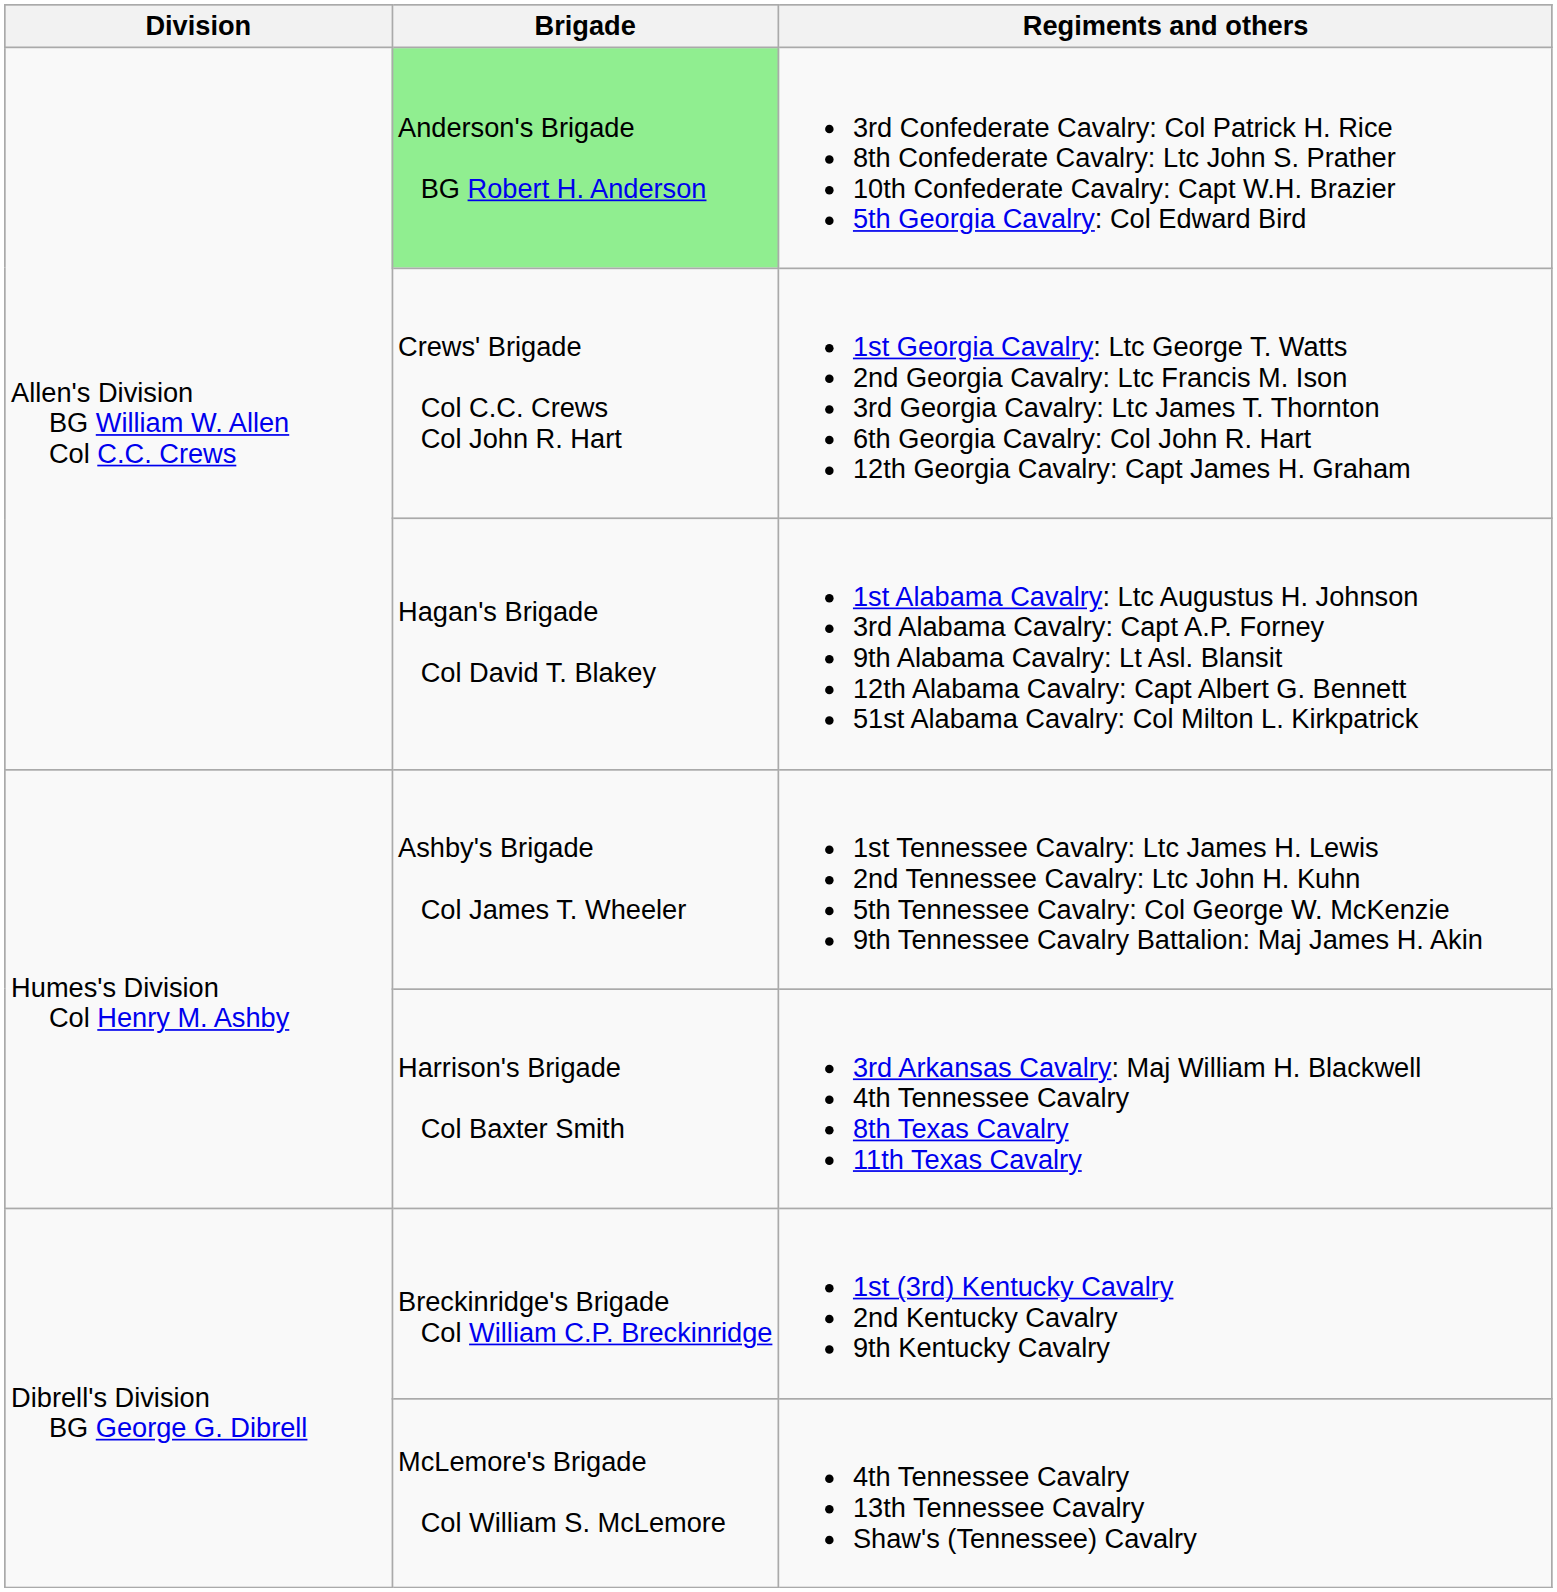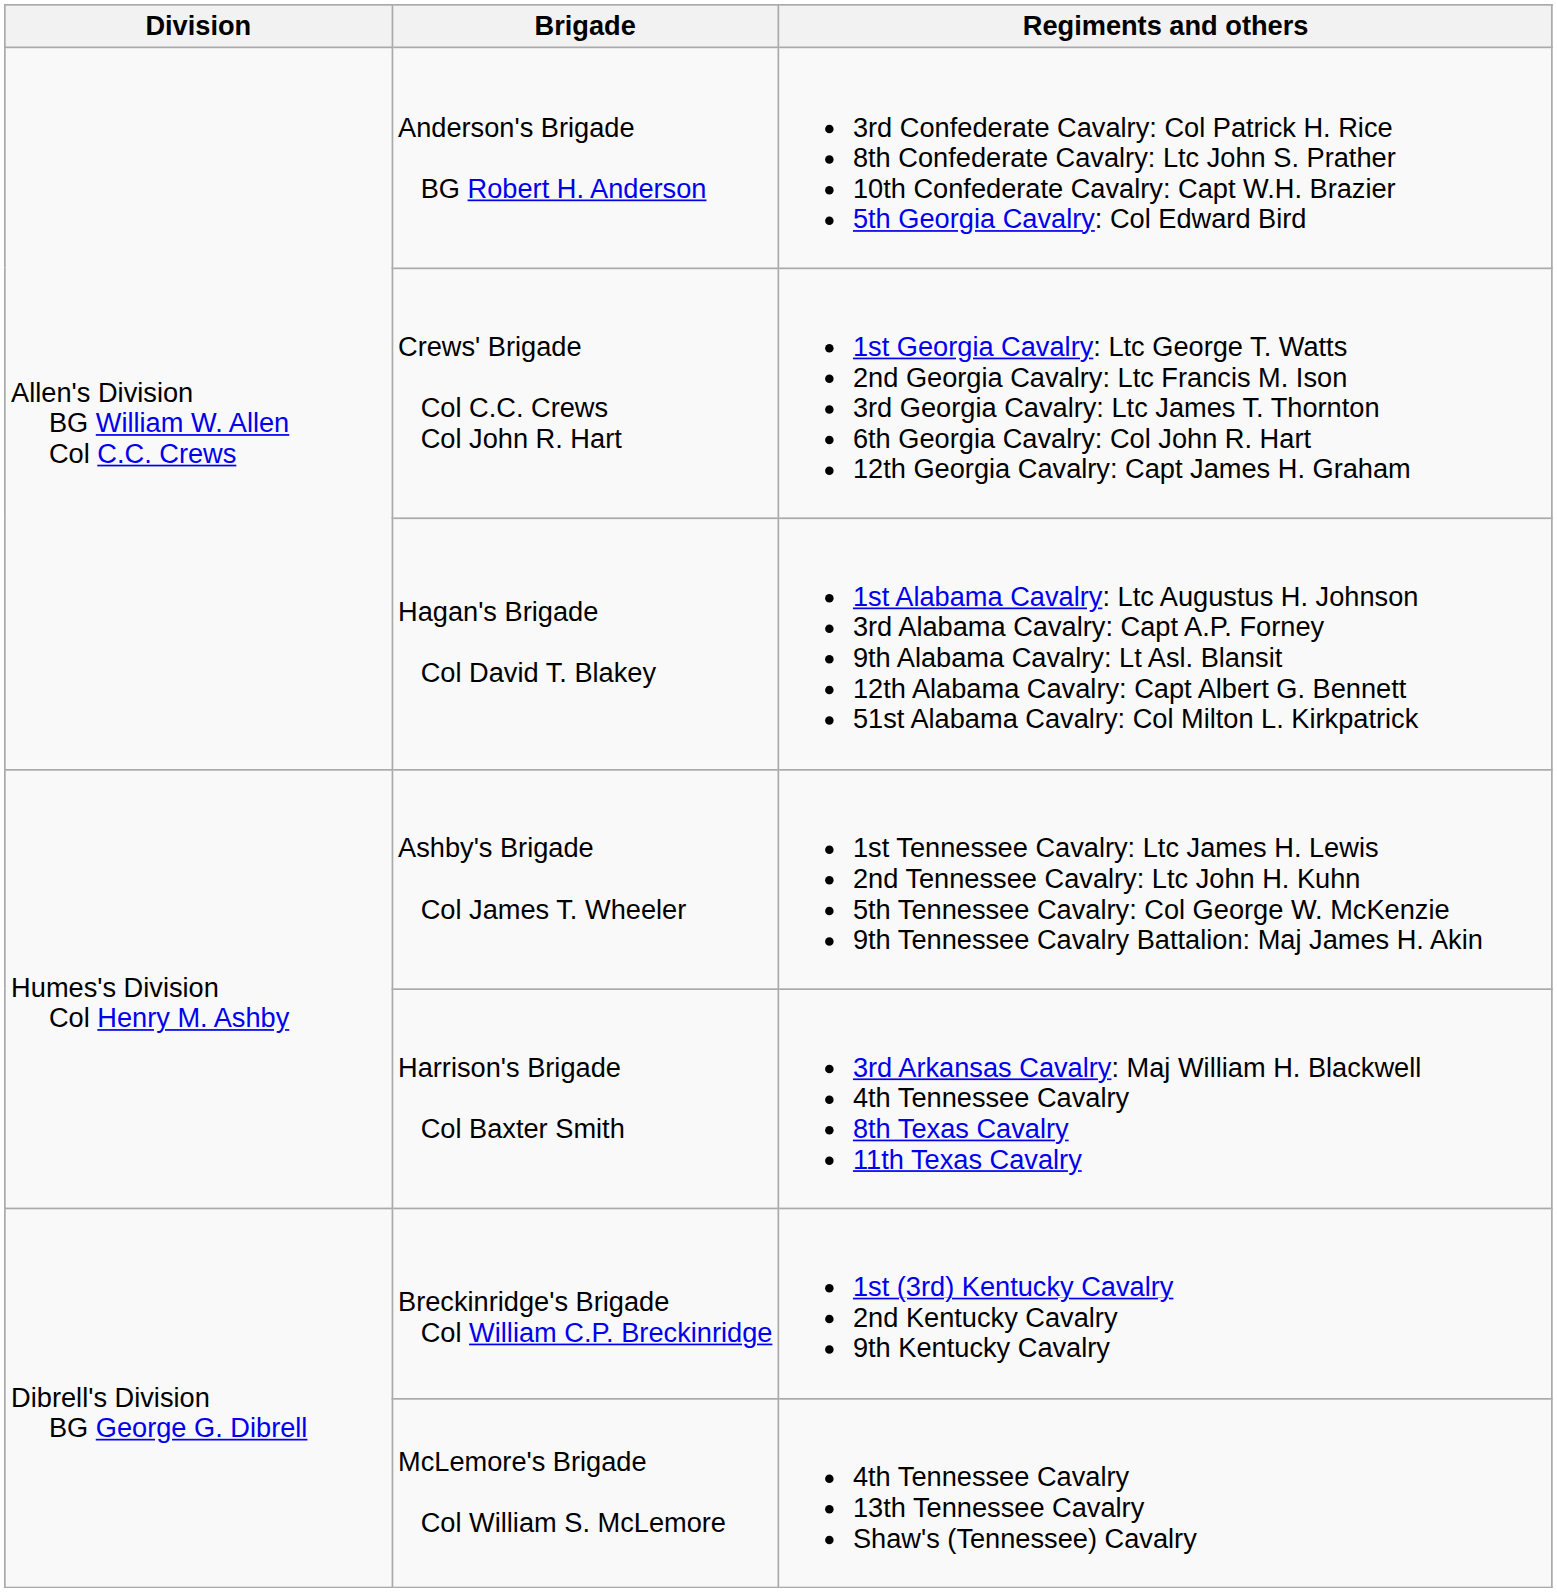 <table class="wikitable">
 <tr>
 <th width=25%>Division</th>
 <th width=25%>Brigade</th>
 <th>Regiments and others</th>
 </tr>
 <tr>
 <td rowspan=3><br>Allen's Division <br>     BG <a href='#'>William W. Allen</a> <br>     Col <a href='#'>C.C. Crews</a></td>
-<td style="background: lightgreen;">Anderson's Brigade<br><br>   BG <a href='#'>Robert H. Anderson</a></td>
+<td>Anderson's Brigade<br><br>   BG <a href='#'>Robert H. Anderson</a></td>
 <td><br><ul><li>3rd Confederate Cavalry: Col Patrick H. Rice</li><li>8th Confederate Cavalry: Ltc John S. Prather</li><li>10th Confederate Cavalry: Capt W.H. Brazier</li><li><a href='#'>5th Georgia Cavalry</a>: Col Edward Bird</li></ul></td>
 </tr>
 <tr>
 <td>Crews' Brigade<br><br>   Col C.C. Crews <br>   Col John R. Hart</td>
 <td><br><ul><li><a href='#'>1st Georgia Cavalry</a>: Ltc George T. Watts</li><li>2nd Georgia Cavalry: Ltc Francis M. Ison</li><li>3rd Georgia Cavalry: Ltc James T. Thornton</li><li>6th Georgia Cavalry: Col John R. Hart</li><li>12th Georgia Cavalry: Capt James H. Graham</li></ul></td>
 </tr>
 <tr>
 <td>Hagan's Brigade<br><br>   Col David T. Blakey</td>
 <td><br><ul><li><a href='#'>1st Alabama Cavalry</a>: Ltc Augustus H. Johnson</li><li>3rd Alabama Cavalry: Capt A.P. Forney</li><li>9th Alabama Cavalry: Lt Asl. Blansit</li><li>12th Alabama Cavalry: Capt Albert G. Bennett</li><li>51st Alabama Cavalry: Col Milton L. Kirkpatrick</li></ul></td>
 </tr>
 <tr>
 <td rowspan=2><br>Humes's Division <br>     Col <a href='#'>Henry M. Ashby</a></td>
 <td>Ashby's Brigade<br><br>   Col James T. Wheeler</td>
 <td><br><ul><li>1st Tennessee Cavalry: Ltc James H. Lewis</li><li>2nd Tennessee Cavalry: Ltc John H. Kuhn</li><li>5th Tennessee Cavalry: Col George W. McKenzie</li><li>9th Tennessee Cavalry Battalion: Maj James H. Akin</li></ul></td>
 </tr>
 <tr>
 <td>Harrison's Brigade<br><br>   Col Baxter Smith</td>
 <td><br><ul><li><a href='#'>3rd Arkansas Cavalry</a>: Maj William H. Blackwell</li><li>4th Tennessee Cavalry</li><li><a href='#'>8th Texas Cavalry</a></li><li><a href='#'>11th Texas Cavalry</a></li></ul></td>
 </tr>
 <tr>
 <td rowspan=2><br>Dibrell's Division <br>     BG <a href='#'>George G. Dibrell</a></td>
 <td><br>Breckinridge's Brigade <br>   Col <a href='#'>William C.P. Breckinridge</a></td>
 <td><br><ul><li><a href='#'>1st (3rd) Kentucky Cavalry</a></li><li>2nd Kentucky Cavalry</li><li>9th Kentucky Cavalry</li></ul></td>
 </tr>
 <tr>
 <td>McLemore's Brigade<br><br>   Col William S. McLemore</td>
 <td><br><ul><li>4th Tennessee Cavalry</li><li>13th Tennessee Cavalry</li><li>Shaw's (Tennessee) Cavalry</li></ul></td>
 </tr>
 </table>
